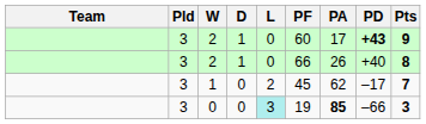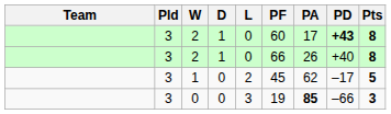 <table class="wikitable" style="text-align:center;">
 <tr>
 <th width=175>Team</th>
 <th width=25 abbr="Played">Pld</th>
 <th width=25 abbr="Won">W</th>
 <th width=25 abbr="Drawn">D</th>
 <th width=25 abbr="Lost">L</th>
 <th width=32 abbr="Points for">PF</th>
 <th width=32 abbr="Points against">PA</th>
 <th width=32 abbr="Points difference">PD</th>
 <th width=25 abbr="Points">Pts</th>
 </tr>
 <tr bgcolor=ccffcc>
 <td align=left></td>
 <td>3</td>
 <td>2</td>
 <td>1</td>
 <td>0</td>
 <td>60</td>
 <td>17</td>
 <td><strong>+43</strong></td>
-<td><strong>9</strong></td>
+<td><strong>8</strong></td>
 </tr>
 <tr bgcolor=ccffcc>
 <td align=left></td>
 <td>3</td>
 <td>2</td>
 <td>1</td>
 <td>0</td>
 <td>66</td>
 <td>26</td>
 <td>+40</td>
 <td><strong>8</strong></td>
 </tr>
 <tr>
 <td align=left></td>
 <td>3</td>
 <td>1</td>
 <td>0</td>
 <td>2</td>
 <td>45</td>
 <td>62</td>
 <td>–17</td>
-<td><strong>7</strong></td>
+<td><strong>5</strong></td>
 </tr>
 <tr>
 <td align=left></td>
 <td>3</td>
 <td>0</td>
 <td>0</td>
-<td style="background: paleturquoise;">3</td>
+<td>3</td>
 <td>19</td>
 <td><strong>85</strong></td>
 <td>–66</td>
 <td><strong>3</strong></td>
 </tr>
 </table>
